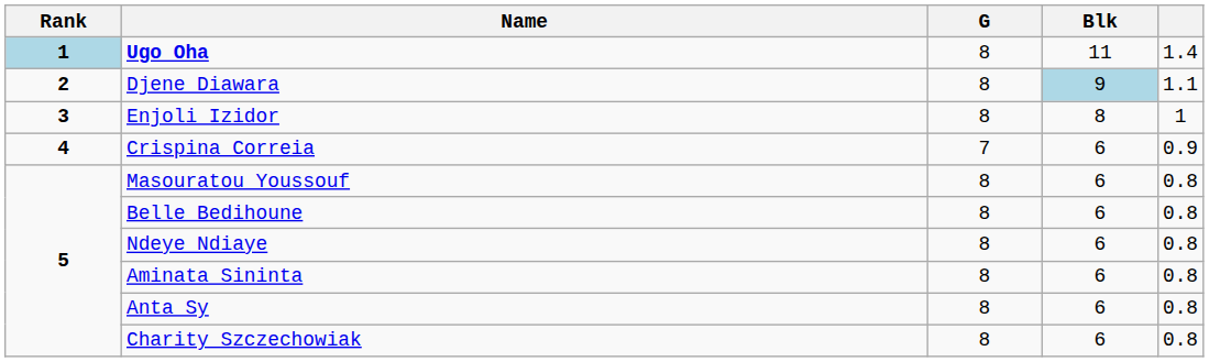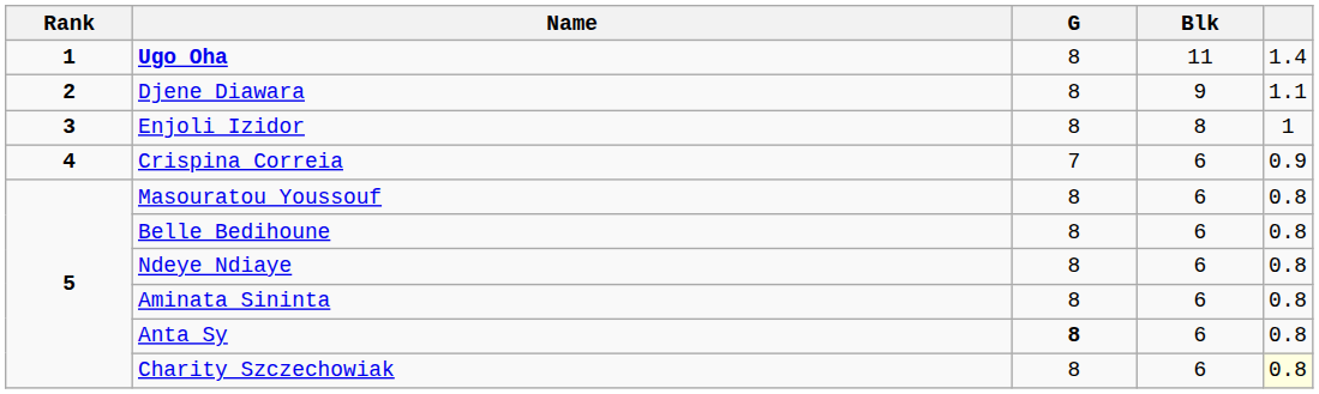 <table class="wikitable" style="width:90%;">
 <tr>
 <th style="width:10%;">Rank</th>
 <th style="width:70%;">Name</th>
 <th style="width:10%;">G</th>
 <th style="width:10%;">Blk</th>
 <th style="width:10%;"></th>
 </tr>
 <tr align=center>
-<td style="background: lightblue;"><strong>1</strong></td>
+<td><strong>1</strong></td>
 <td align=left> <strong><a href='#'>Ugo Oha</a></strong></td>
 <td>8</td>
 <td>11</td>
 <td>1.4</td>
 </tr>
 <tr align=center>
 <td><strong>2</strong></td>
 <td align=left> <a href='#'>Djene Diawara</a></td>
 <td>8</td>
-<td style="background: lightblue;">9</td>
+<td>9</td>
 <td>1.1</td>
 </tr>
 <tr align=center>
 <td><strong>3</strong></td>
 <td align=left> <a href='#'>Enjoli Izidor</a></td>
 <td>8</td>
 <td>8</td>
 <td>1</td>
 </tr>
 <tr align=center>
 <td><strong>4</strong></td>
 <td align=left> <a href='#'>Crispina Correia</a></td>
 <td>7</td>
 <td>6</td>
 <td>0.9</td>
 </tr>
 <tr align=center>
 <td rowspan=6><strong>5</strong></td>
 <td align=left> <a href='#'>Masouratou Youssouf</a></td>
 <td>8</td>
 <td>6</td>
 <td>0.8</td>
 </tr>
 <tr align=center>
 <td align=left> <a href='#'>Belle Bedihoune</a></td>
 <td>8</td>
 <td>6</td>
 <td>0.8</td>
 </tr>
 <tr align=center>
 <td align=left> <a href='#'>Ndeye Ndiaye</a></td>
 <td>8</td>
 <td>6</td>
 <td>0.8</td>
 </tr>
 <tr align=center>
 <td align=left> <a href='#'>Aminata Sininta</a></td>
 <td>8</td>
 <td>6</td>
 <td>0.8</td>
 </tr>
 <tr align=center>
 <td align=left> <a href='#'>Anta Sy</a></td>
-<td>8</td>
+<td><strong>8</strong></td>
 <td>6</td>
 <td>0.8</td>
 </tr>
 <tr align=center>
 <td align=left> <a href='#'>Charity Szczechowiak</a></td>
 <td>8</td>
 <td>6</td>
-<td>0.8</td>
+<td style="background: lightyellow;">0.8</td>
 </tr>
 </table>
